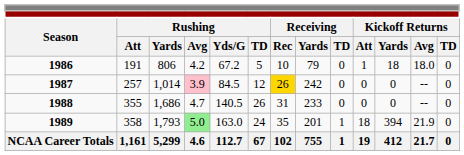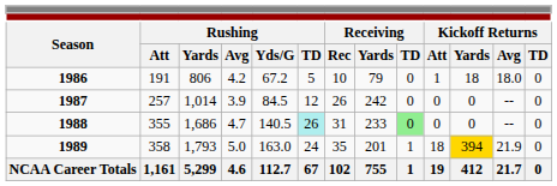 <table class=wikitable style="text-align:center;">
 <tr>
 <td ! colspan="14" style="background:gray; border:2px solid silver; color:white;"></td>
 </tr>
 <tr>
 <td ! colspan="14" style="background: #990000; border: 2px solid #FFFFFF; color:#FFFFFF;"></td>
 </tr>
 <tr>
 <th rowspan=2>Season</th>
 <th colspan=5>Rushing</th>
 <th colspan=3>Receiving</th>
 <th colspan=5>Kickoff Returns</th>
 </tr>
 <tr>
 <th>Att</th>
 <th>Yards</th>
 <th>Avg</th>
 <th>Yds/G</th>
 <th>TD</th>
 <th>Rec</th>
 <th>Yards</th>
 <th>TD</th>
 <th>Att</th>
 <th>Yards</th>
 <th>Avg</th>
 <th>TD</th>
 </tr>
 <tr>
 <td><strong>1986</strong></td>
 <td>191</td>
 <td>806</td>
 <td>4.2</td>
 <td>67.2</td>
 <td>5</td>
 <td>10</td>
 <td>79</td>
 <td>0</td>
 <td>1</td>
 <td>18</td>
 <td>18.0</td>
 <td>0</td>
 </tr>
 <tr>
 <td><strong>1987</strong></td>
 <td>257</td>
 <td>1,014</td>
-<td style="background: pink;">3.9</td>
+<td>3.9</td>
 <td>84.5</td>
 <td>12</td>
-<td style="background: gold;">26</td>
+<td>26</td>
 <td>242</td>
 <td>0</td>
 <td>0</td>
 <td>0</td>
 <td>--</td>
 <td>0</td>
 </tr>
 <tr>
 <td><strong>1988</strong></td>
 <td>355</td>
 <td>1,686</td>
 <td>4.7</td>
 <td>140.5</td>
-<td>26</td>
+<td style="background: paleturquoise;">26</td>
 <td>31</td>
 <td>233</td>
-<td>0</td>
+<td style="background: lightgreen;">0</td>
 <td>0</td>
 <td>0</td>
 <td>--</td>
 <td>0</td>
 </tr>
 <tr>
 <td><strong>1989</strong></td>
 <td>358</td>
 <td>1,793</td>
-<td style="background: lightgreen;">5.0</td>
+<td>5.0</td>
 <td>163.0</td>
 <td>24</td>
 <td>35</td>
 <td>201</td>
 <td>1</td>
 <td>18</td>
-<td>394</td>
+<td style="background: gold;">394</td>
 <td>21.9</td>
 <td>0</td>
 </tr>
 <tr>
 <th>NCAA Career Totals</th>
 <th>1,161</th>
 <th>5,299</th>
 <th>4.6</th>
 <th>112.7</th>
 <th>67</th>
 <th>102</th>
 <th>755</th>
 <th>1</th>
 <th>19</th>
 <th>412</th>
 <th>21.7</th>
 <th>0</th>
 </tr>
 </table>
